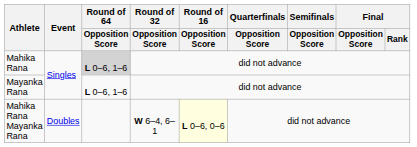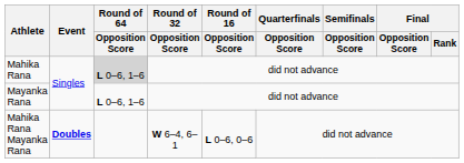 <table class=wikitable style="font-size:90%; text-align:center;">
 <tr>
 <th rowspan="2">Athlete</th>
 <th rowspan="2">Event</th>
 <th>Round of 64</th>
 <th>Round of 32</th>
 <th>Round of 16</th>
 <th>Quarterfinals</th>
 <th>Semifinals</th>
 <th colspan=2>Final</th>
 </tr>
 <tr style="font-size:95%">
 <th>Opposition<br>Score</th>
 <th>Opposition<br>Score</th>
 <th>Opposition<br>Score</th>
 <th>Opposition<br>Score</th>
 <th>Opposition<br>Score</th>
 <th>Opposition<br>Score</th>
 <th>Rank</th>
 </tr>
 <tr>
 <td align=left>Mahika Rana</td>
 <td align=left rowspan=2><a href='#'>Singles</a></td>
 <td style="background: lightgrey;"><br><strong>L</strong> 0–6, 1–6</td>
 <td colspan=6>did not advance</td>
 </tr>
 <tr>
 <td align=left>Mayanka Rana</td>
 <td><br><strong>L</strong> 0–6, 1–6</td>
 <td colspan=6>did not advance</td>
 </tr>
 <tr>
 <td align=left>Mahika Rana<br>Mayanka Rana</td>
-<td align=left><a href='#'>Doubles</a></td>
+<td align=left><strong><a href='#'>Doubles</a></strong></td>
 <td></td>
 <td><br><strong>W</strong> 6–4, 6–1</td>
-<td style="background: lightyellow;"><br><strong>L</strong> 0–6, 0–6</td>
+<td><br><strong>L</strong> 0–6, 0–6</td>
 <td colspan=4>did not advance</td>
 </tr>
 </table>
